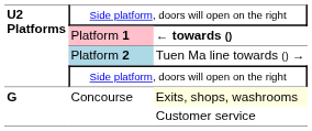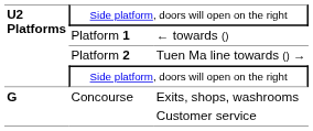 <table border=0 cellspacing=0 cellpadding=3>
 <tr>
 <td style="border-top:solid 1px gray;border-bottom:solid 1px gray;width:50px;vertical-align:top;" rowspan=5><strong>U2<br>Platforms</strong></td>
 </tr>
 <tr>
 <td style="border-top:solid 1px gray;border-right:solid 2px black;border-left:solid 2px black;border-bottom:solid 2px black;text-align:center;" colspan=2><small><a href='#'>Side platform</a>, doors will open on the right</small></td>
 </tr>
 <tr>
-<td style="background: pink; border-bottom:solid 1px gray;width:100px;">Platform <span><strong>1</strong></span></td>
-<td style="border-bottom:solid 1px gray;"><strong>←  towards  <small>()</small></strong></td>
+<td style="border-bottom:solid 1px gray;width:100px;">Platform <span><strong>1</strong></span></td>
+<td style="border-bottom:solid 1px gray;">←  towards  <small>()</small></td>
 </tr>
 <tr>
-<td style="background: lightblue; border-bottom:solid 0px gray;">Platform <span><strong>2</strong></span></td>
+<td style="border-bottom:solid 0px gray;">Platform <span><strong>2</strong></span></td>
 <td style="border-bottom:solid 0px gray;">  Tuen Ma line towards  <small>()</small> →</td>
 </tr>
 <tr>
 <td style="border-top:solid 2px black;border-right:solid 2px black;border-left:solid 2px black;border-bottom:solid 1px gray;text-align:center;" colspan=2><small><a href='#'>Side platform</a>, doors will open on the right</small></td>
 </tr>
 <tr>
 <td style="border-bottom:solid 1px gray;vertical-align:top;" rowspan=3><strong>G</strong></td>
 <td style="border-bottom:solid 1px gray;vertical-align:top;" rowspan=3>Concourse</td>
-<td style="background: lightyellow;">Exits, shops, washrooms</td>
+<td>Exits, shops, washrooms</td>
 </tr>
 <tr>
 <td style="border-bottom:solid 1px gray;">Customer service</td>
 </tr>
 </table>
